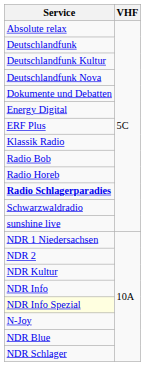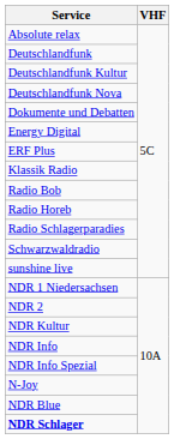 <table class="wikitable">
 <tr>
 <th>Service</th>
 <th>VHF</th>
 </tr>
 <tr>
 <td><a href='#'>Absolute relax</a></td>
 <td rowspan="13">5C</td>
 </tr>
 <tr>
 <td><a href='#'>Deutschlandfunk</a></td>
 </tr>
 <tr>
 <td><a href='#'>Deutschlandfunk Kultur</a></td>
 </tr>
 <tr>
 <td><a href='#'>Deutschlandfunk Nova</a></td>
 </tr>
 <tr>
 <td><a href='#'>Dokumente und Debatten</a></td>
 </tr>
 <tr>
 <td><a href='#'>Energy Digital</a></td>
 </tr>
 <tr>
 <td><a href='#'>ERF Plus</a></td>
 </tr>
 <tr>
 <td><a href='#'>Klassik Radio</a></td>
 </tr>
 <tr>
 <td><a href='#'>Radio Bob</a></td>
 </tr>
 <tr>
 <td><a href='#'>Radio Horeb</a></td>
 </tr>
 <tr>
-<td><strong><a href='#'>Radio Schlagerparadies</a></strong></td>
+<td><a href='#'>Radio Schlagerparadies</a></td>
 </tr>
 <tr>
 <td><a href='#'>Schwarzwaldradio</a></td>
 </tr>
 <tr>
 <td><a href='#'>sunshine live</a></td>
 </tr>
 <tr>
 <td><a href='#'>NDR 1 Niedersachsen</a></td>
 <td rowspan="8">10A</td>
 </tr>
 <tr>
 <td><a href='#'>NDR 2</a></td>
 </tr>
 <tr>
 <td><a href='#'>NDR Kultur</a></td>
 </tr>
 <tr>
 <td><a href='#'>NDR Info</a></td>
 </tr>
 <tr>
-<td style="background: lightyellow;"><a href='#'>NDR Info Spezial</a></td>
+<td><a href='#'>NDR Info Spezial</a></td>
 </tr>
 <tr>
 <td><a href='#'>N-Joy</a></td>
 </tr>
 <tr>
 <td><a href='#'>NDR Blue</a></td>
 </tr>
 <tr>
-<td><a href='#'>NDR Schlager</a></td>
+<td><strong><a href='#'>NDR Schlager</a></strong></td>
 </tr>
 </table>
